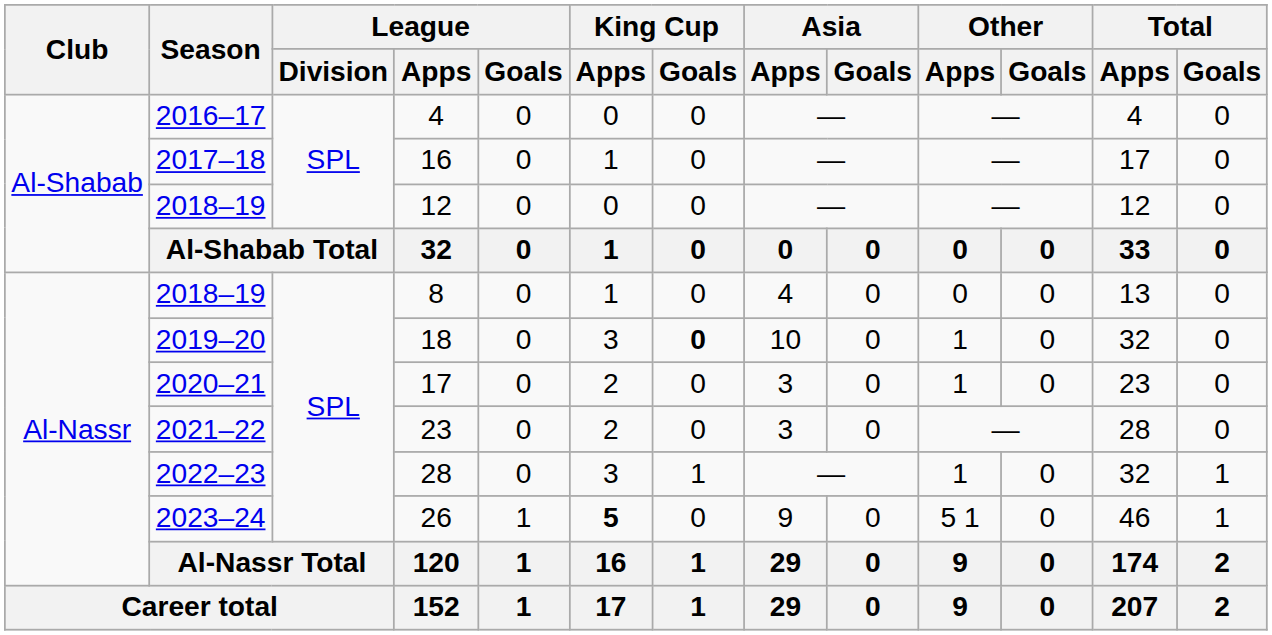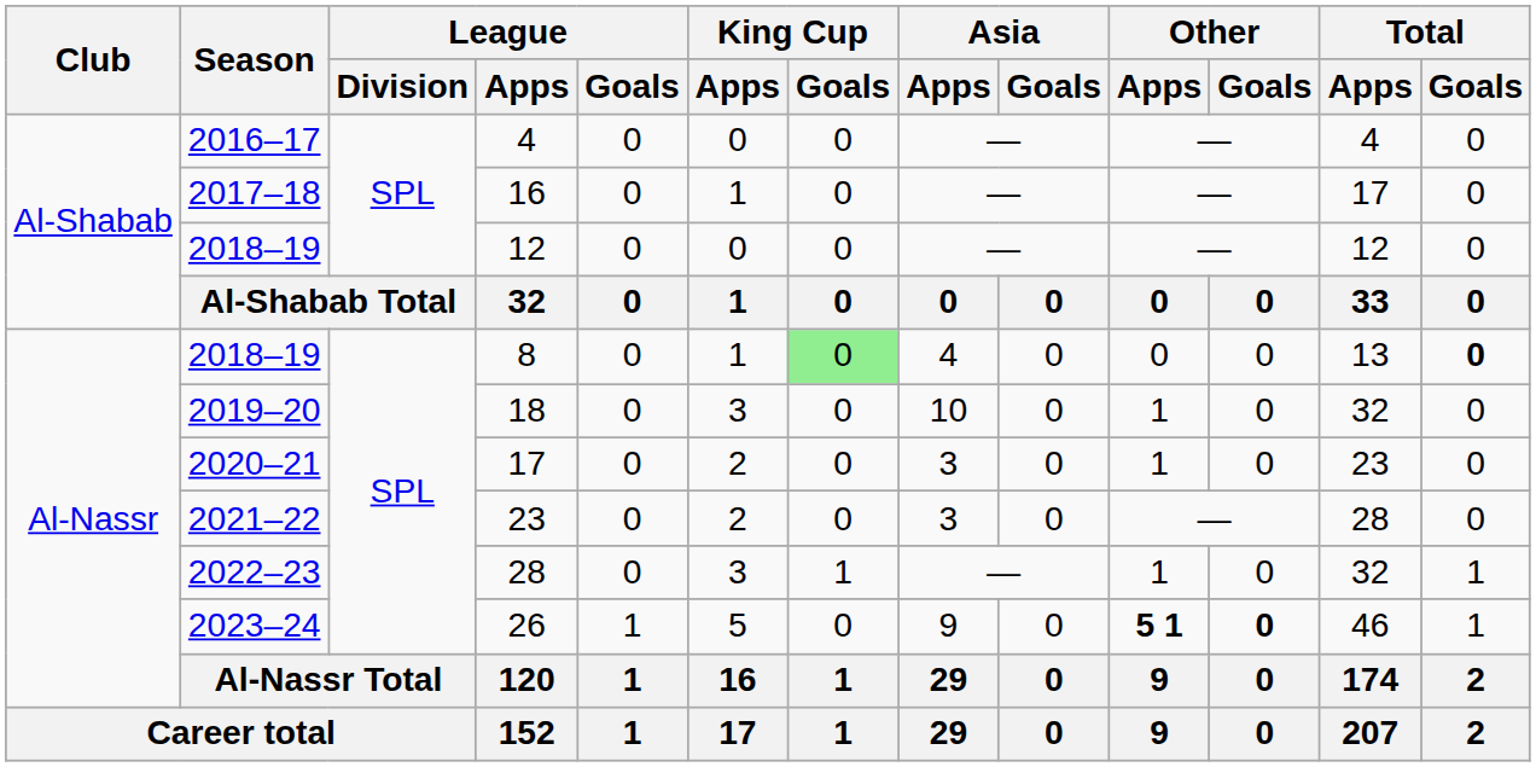 <table class=wikitable style="text-align: center;">
 <tr>
 <th rowspan=2>Club</th>
 <th rowspan=2>Season</th>
 <th colspan=3>League</th>
 <th colspan=2>King Cup</th>
 <th colspan=2>Asia</th>
 <th colspan=2>Other</th>
 <th colspan=2>Total</th>
 </tr>
 <tr>
 <th>Division</th>
 <th>Apps</th>
 <th>Goals</th>
 <th>Apps</th>
 <th>Goals</th>
 <th>Apps</th>
 <th>Goals</th>
 <th>Apps</th>
 <th>Goals</th>
 <th>Apps</th>
 <th>Goals</th>
 </tr>
 <tr>
 <td rowspan=4><a href='#'>Al-Shabab</a></td>
 <td><a href='#'>2016–17</a></td>
 <td rowspan=3><a href='#'>SPL</a></td>
 <td>4</td>
 <td>0</td>
 <td>0</td>
 <td>0</td>
 <td colspan=2>—</td>
 <td colspan=2>—</td>
 <td>4</td>
 <td>0</td>
 </tr>
 <tr>
 <td><a href='#'>2017–18</a></td>
 <td>16</td>
 <td>0</td>
 <td>1</td>
 <td>0</td>
 <td colspan=2>—</td>
 <td colspan=2>—</td>
 <td>17</td>
 <td>0</td>
 </tr>
 <tr>
 <td><a href='#'>2018–19</a></td>
 <td>12</td>
 <td>0</td>
 <td>0</td>
 <td>0</td>
 <td colspan=2>—</td>
 <td colspan=2>—</td>
 <td>12</td>
 <td>0</td>
 </tr>
 <tr>
 <th colspan=2>Al-Shabab Total</th>
 <th>32</th>
 <th>0</th>
 <th>1</th>
 <th>0</th>
 <th>0</th>
 <th>0</th>
 <th>0</th>
 <th>0</th>
 <th>33</th>
 <th>0</th>
 </tr>
 <tr>
 <td rowspan=7><a href='#'>Al-Nassr</a></td>
 <td><a href='#'>2018–19</a></td>
 <td rowspan=6><a href='#'>SPL</a></td>
 <td>8</td>
 <td>0</td>
 <td>1</td>
-<td>0</td>
+<td style="background: lightgreen;">0</td>
 <td>4</td>
 <td>0</td>
 <td>0</td>
 <td>0</td>
 <td>13</td>
-<td>0</td>
+<td><strong>0</strong></td>
 </tr>
 <tr>
 <td><a href='#'>2019–20</a></td>
 <td>18</td>
 <td>0</td>
 <td>3</td>
-<td><strong>0</strong></td>
+<td>0</td>
 <td>10</td>
 <td>0</td>
 <td>1</td>
 <td>0</td>
 <td>32</td>
 <td>0</td>
 </tr>
 <tr>
 <td><a href='#'>2020–21</a></td>
 <td>17</td>
 <td>0</td>
 <td>2</td>
 <td>0</td>
 <td>3</td>
 <td>0</td>
 <td>1</td>
 <td>0</td>
 <td>23</td>
 <td>0</td>
 </tr>
 <tr>
 <td><a href='#'>2021–22</a></td>
 <td>23</td>
 <td>0</td>
 <td>2</td>
 <td>0</td>
 <td>3</td>
 <td>0</td>
 <td colspan=2>—</td>
 <td>28</td>
 <td>0</td>
 </tr>
 <tr>
 <td><a href='#'>2022–23</a></td>
 <td>28</td>
 <td>0</td>
 <td>3</td>
 <td>1</td>
 <td colspan=2>—</td>
 <td>1</td>
 <td>0</td>
 <td>32</td>
 <td>1</td>
 </tr>
 <tr>
 <td><a href='#'>2023–24</a></td>
 <td>26</td>
 <td>1</td>
-<td><strong>5</strong></td>
+<td>5</td>
 <td>0</td>
 <td>9</td>
 <td>0</td>
-<td>5 1</td>
-<td>0</td>
+<td><strong>5 1</strong></td>
+<td><strong>0</strong></td>
 <td>46</td>
 <td>1</td>
 </tr>
 <tr>
 <th colspan=2>Al-Nassr Total</th>
 <th>120</th>
 <th>1</th>
 <th>16</th>
 <th>1</th>
 <th>29</th>
 <th>0</th>
 <th>9</th>
 <th>0</th>
 <th>174</th>
 <th>2</th>
 </tr>
 <tr>
 <th colspan=3>Career total</th>
 <th>152</th>
 <th>1</th>
 <th>17</th>
 <th>1</th>
 <th>29</th>
 <th>0</th>
 <th>9</th>
 <th>0</th>
 <th>207</th>
 <th>2</th>
 </tr>
 </table>
